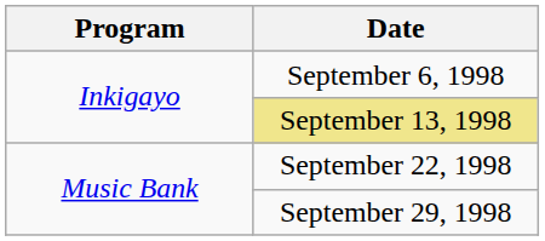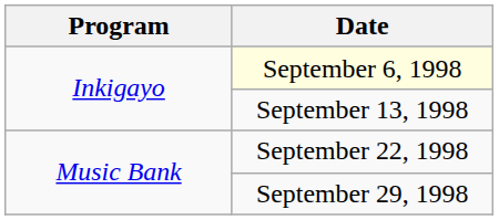 <table class="wikitable" style="text-align:center">
 <tr>
 <th width="130">Program</th>
 <th width="150">Date</th>
 </tr>
 <tr>
 <td rowspan="2"><em><a href='#'>Inkigayo</a></em></td>
-<td>September 6, 1998</td>
+<td style="background: lightyellow;">September 6, 1998</td>
 </tr>
 <tr>
-<td style="background: khaki;">September 13, 1998</td>
+<td>September 13, 1998</td>
 </tr>
 <tr>
 <td rowspan="2"><a href='#'><em>Music Bank</em></a></td>
 <td>September 22, 1998</td>
 </tr>
 <tr>
 <td>September 29, 1998</td>
 </tr>
 </table>
